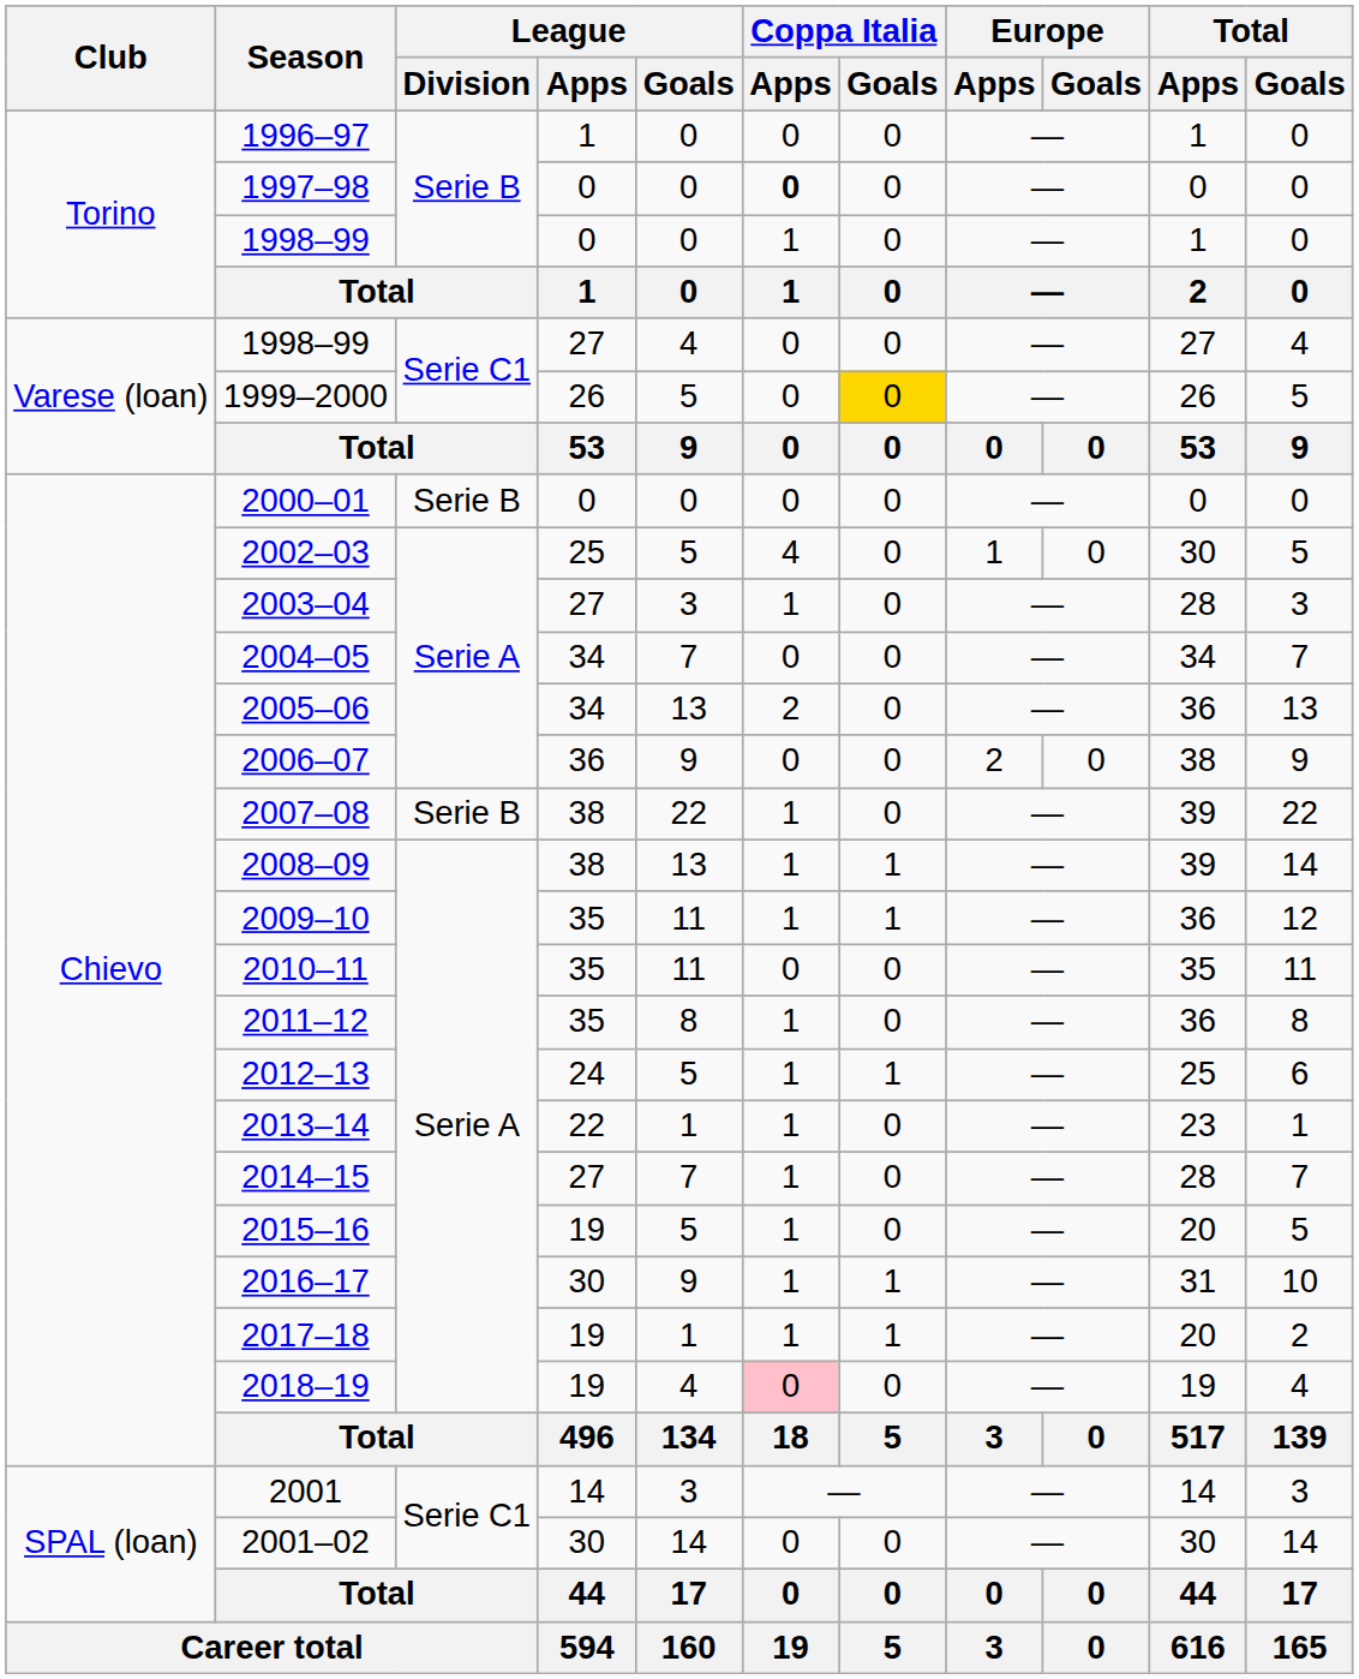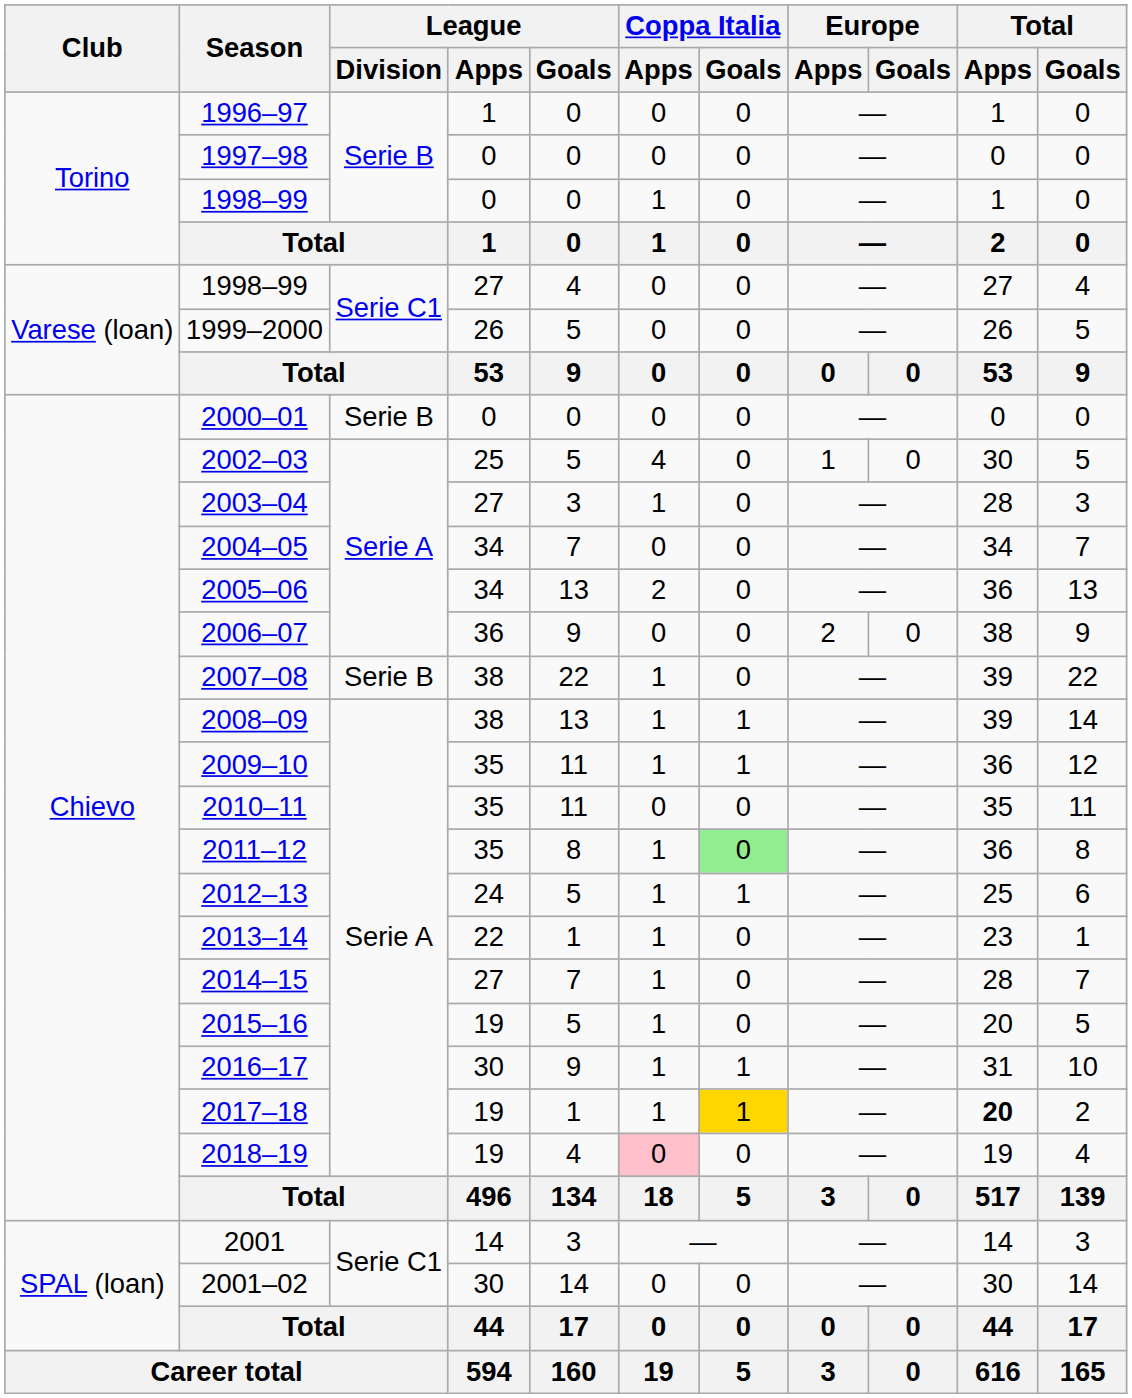 <table class="wikitable" style="text-align:center">
 <tr>
 <th rowspan="2">Club</th>
 <th rowspan="2">Season</th>
 <th colspan="3">League</th>
 <th colspan="2"><a href='#'>Coppa Italia</a></th>
 <th colspan="2">Europe</th>
 <th colspan="2">Total</th>
 </tr>
 <tr>
 <th>Division</th>
 <th>Apps</th>
 <th>Goals</th>
 <th>Apps</th>
 <th>Goals</th>
 <th>Apps</th>
 <th>Goals</th>
 <th>Apps</th>
 <th>Goals</th>
 </tr>
 <tr>
 <td rowspan="4"><a href='#'>Torino</a></td>
 <td><a href='#'>1996–97</a></td>
 <td rowspan="3"><a href='#'>Serie B</a></td>
 <td>1</td>
 <td>0</td>
 <td>0</td>
 <td>0</td>
 <td colspan="2">—</td>
 <td>1</td>
 <td>0</td>
 </tr>
 <tr>
 <td><a href='#'>1997–98</a></td>
 <td>0</td>
 <td>0</td>
-<td><strong>0</strong></td>
+<td>0</td>
 <td>0</td>
 <td colspan="2">—</td>
 <td>0</td>
 <td>0</td>
 </tr>
 <tr>
 <td><a href='#'>1998–99</a></td>
 <td>0</td>
 <td>0</td>
 <td>1</td>
 <td>0</td>
 <td colspan="2">—</td>
 <td>1</td>
 <td>0</td>
 </tr>
 <tr>
 <th colspan="2">Total</th>
 <th>1</th>
 <th>0</th>
 <th>1</th>
 <th>0</th>
 <th colspan="2">—</th>
 <th>2</th>
 <th>0</th>
 </tr>
 <tr>
 <td rowspan="3"><a href='#'>Varese</a> (loan)</td>
 <td>1998–99</td>
 <td rowspan="2"><a href='#'>Serie C1</a></td>
 <td>27</td>
 <td>4</td>
 <td>0</td>
 <td>0</td>
 <td colspan="2">—</td>
 <td>27</td>
 <td>4</td>
 </tr>
 <tr>
 <td>1999–2000</td>
 <td>26</td>
 <td>5</td>
 <td>0</td>
-<td style="background: gold;">0</td>
+<td>0</td>
 <td colspan="2">—</td>
 <td>26</td>
 <td>5</td>
 </tr>
 <tr>
 <th colspan="2">Total</th>
 <th>53</th>
 <th>9</th>
 <th>0</th>
 <th>0</th>
 <th>0</th>
 <th>0</th>
 <th>53</th>
 <th>9</th>
 </tr>
 <tr>
 <td rowspan="19"><a href='#'>Chievo</a></td>
 <td><a href='#'>2000–01</a></td>
 <td>Serie B</td>
 <td>0</td>
 <td>0</td>
 <td>0</td>
 <td>0</td>
 <td colspan="2">—</td>
 <td>0</td>
 <td>0</td>
 </tr>
 <tr>
 <td><a href='#'>2002–03</a></td>
 <td rowspan="5"><a href='#'>Serie A</a></td>
 <td>25</td>
 <td>5</td>
 <td>4</td>
 <td>0</td>
 <td>1</td>
 <td>0</td>
 <td>30</td>
 <td>5</td>
 </tr>
 <tr>
 <td><a href='#'>2003–04</a></td>
 <td>27</td>
 <td>3</td>
 <td>1</td>
 <td>0</td>
 <td colspan="2">—</td>
 <td>28</td>
 <td>3</td>
 </tr>
 <tr>
 <td><a href='#'>2004–05</a></td>
 <td>34</td>
 <td>7</td>
 <td>0</td>
 <td>0</td>
 <td colspan="2">—</td>
 <td>34</td>
 <td>7</td>
 </tr>
 <tr>
 <td><a href='#'>2005–06</a></td>
 <td>34</td>
 <td>13</td>
 <td>2</td>
 <td>0</td>
 <td colspan="2">—</td>
 <td>36</td>
 <td>13</td>
 </tr>
 <tr>
 <td><a href='#'>2006–07</a></td>
 <td>36</td>
 <td>9</td>
 <td>0</td>
 <td>0</td>
 <td>2</td>
 <td>0</td>
 <td>38</td>
 <td>9</td>
 </tr>
 <tr>
 <td><a href='#'>2007–08</a></td>
 <td>Serie B</td>
 <td>38</td>
 <td>22</td>
 <td>1</td>
 <td>0</td>
 <td colspan="2">—</td>
 <td>39</td>
 <td>22</td>
 </tr>
 <tr>
 <td><a href='#'>2008–09</a></td>
 <td rowspan="11">Serie A</td>
 <td>38</td>
 <td>13</td>
 <td>1</td>
 <td>1</td>
 <td colspan="2">—</td>
 <td>39</td>
 <td>14</td>
 </tr>
 <tr>
 <td><a href='#'>2009–10</a></td>
 <td>35</td>
 <td>11</td>
 <td>1</td>
 <td>1</td>
 <td colspan="2">—</td>
 <td>36</td>
 <td>12</td>
 </tr>
 <tr>
 <td><a href='#'>2010–11</a></td>
 <td>35</td>
 <td>11</td>
 <td>0</td>
 <td>0</td>
 <td colspan="2">—</td>
 <td>35</td>
 <td>11</td>
 </tr>
 <tr>
 <td><a href='#'>2011–12</a></td>
 <td>35</td>
 <td>8</td>
 <td>1</td>
-<td>0</td>
+<td style="background: lightgreen;">0</td>
 <td colspan="2">—</td>
 <td>36</td>
 <td>8</td>
 </tr>
 <tr>
 <td><a href='#'>2012–13</a></td>
 <td>24</td>
 <td>5</td>
 <td>1</td>
 <td>1</td>
 <td colspan="2">—</td>
 <td>25</td>
 <td>6</td>
 </tr>
 <tr>
 <td><a href='#'>2013–14</a></td>
 <td>22</td>
 <td>1</td>
 <td>1</td>
 <td>0</td>
 <td colspan="2">—</td>
 <td>23</td>
 <td>1</td>
 </tr>
 <tr>
 <td><a href='#'>2014–15</a></td>
 <td>27</td>
 <td>7</td>
 <td>1</td>
 <td>0</td>
 <td colspan="2">—</td>
 <td>28</td>
 <td>7</td>
 </tr>
 <tr>
 <td><a href='#'>2015–16</a></td>
 <td>19</td>
 <td>5</td>
 <td>1</td>
 <td>0</td>
 <td colspan="2">—</td>
 <td>20</td>
 <td>5</td>
 </tr>
 <tr>
 <td><a href='#'>2016–17</a></td>
 <td>30</td>
 <td>9</td>
 <td>1</td>
 <td>1</td>
 <td colspan="2">—</td>
 <td>31</td>
 <td>10</td>
 </tr>
 <tr>
 <td><a href='#'>2017–18</a></td>
 <td>19</td>
 <td>1</td>
 <td>1</td>
-<td>1</td>
+<td style="background: gold;">1</td>
 <td colspan="2">—</td>
-<td>20</td>
+<td><strong>20</strong></td>
 <td>2</td>
 </tr>
 <tr>
 <td><a href='#'>2018–19</a></td>
 <td>19</td>
 <td>4</td>
 <td style="background: pink;">0</td>
 <td>0</td>
 <td colspan="2">—</td>
 <td>19</td>
 <td>4</td>
 </tr>
 <tr>
 <th colspan="2">Total</th>
 <th>496</th>
 <th>134</th>
 <th>18</th>
 <th>5</th>
 <th>3</th>
 <th>0</th>
 <th>517</th>
 <th>139</th>
 </tr>
 <tr>
 <td rowspan="3"><a href='#'>SPAL</a> (loan)</td>
 <td>2001</td>
 <td rowspan="2">Serie C1</td>
 <td>14</td>
 <td>3</td>
 <td colspan="2">—</td>
 <td colspan="2">—</td>
 <td>14</td>
 <td>3</td>
 </tr>
 <tr>
 <td>2001–02</td>
 <td>30</td>
 <td>14</td>
 <td>0</td>
 <td>0</td>
 <td colspan="2">—</td>
 <td>30</td>
 <td>14</td>
 </tr>
 <tr>
 <th colspan="2">Total</th>
 <th>44</th>
 <th>17</th>
 <th>0</th>
 <th>0</th>
 <th>0</th>
 <th>0</th>
 <th>44</th>
 <th>17</th>
 </tr>
 <tr>
 <th colspan="3">Career total</th>
 <th>594</th>
 <th>160</th>
 <th>19</th>
 <th>5</th>
 <th>3</th>
 <th>0</th>
 <th>616</th>
 <th>165</th>
 </tr>
 </table>
